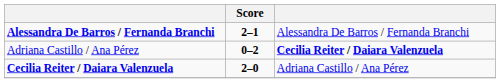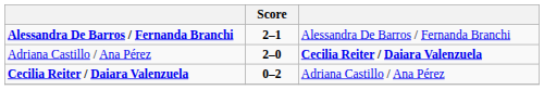 <table class="wikitable" style="text-align: center; font-size:100% ">
 <tr>
 <th align="right" width="300"></th>
 <th width="60">Score</th>
 <th align="left" width="300"></th>
 </tr>
 <tr>
 <td align=left><strong> <a href='#'>Alessandra De Barros</a> / <a href='#'>Fernanda Branchi</a></strong></td>
 <td align=center><strong>2–1</strong></td>
 <td align=left> <a href='#'>Alessandra De Barros</a> / <a href='#'>Fernanda Branchi</a></td>
 </tr>
 <tr>
 <td align=left> <a href='#'>Adriana Castillo</a> / <a href='#'>Ana Pérez</a></td>
-<td align=center><strong>0–2</strong></td>
+<td align=center><strong>2–0</strong></td>
 <td align=left><strong> <a href='#'>Cecilia Reiter</a> / <a href='#'>Daiara Valenzuela</a></strong></td>
 </tr>
 <tr>
 <td align=left><strong> <a href='#'>Cecilia Reiter</a> / <a href='#'>Daiara Valenzuela</a></strong></td>
-<td align=center><strong>2–0</strong></td>
+<td align=center><strong>0–2</strong></td>
 <td align=left> <a href='#'>Adriana Castillo</a> / <a href='#'>Ana Pérez</a></td>
 </tr>
 <tr>
 </tr>
 </table>
